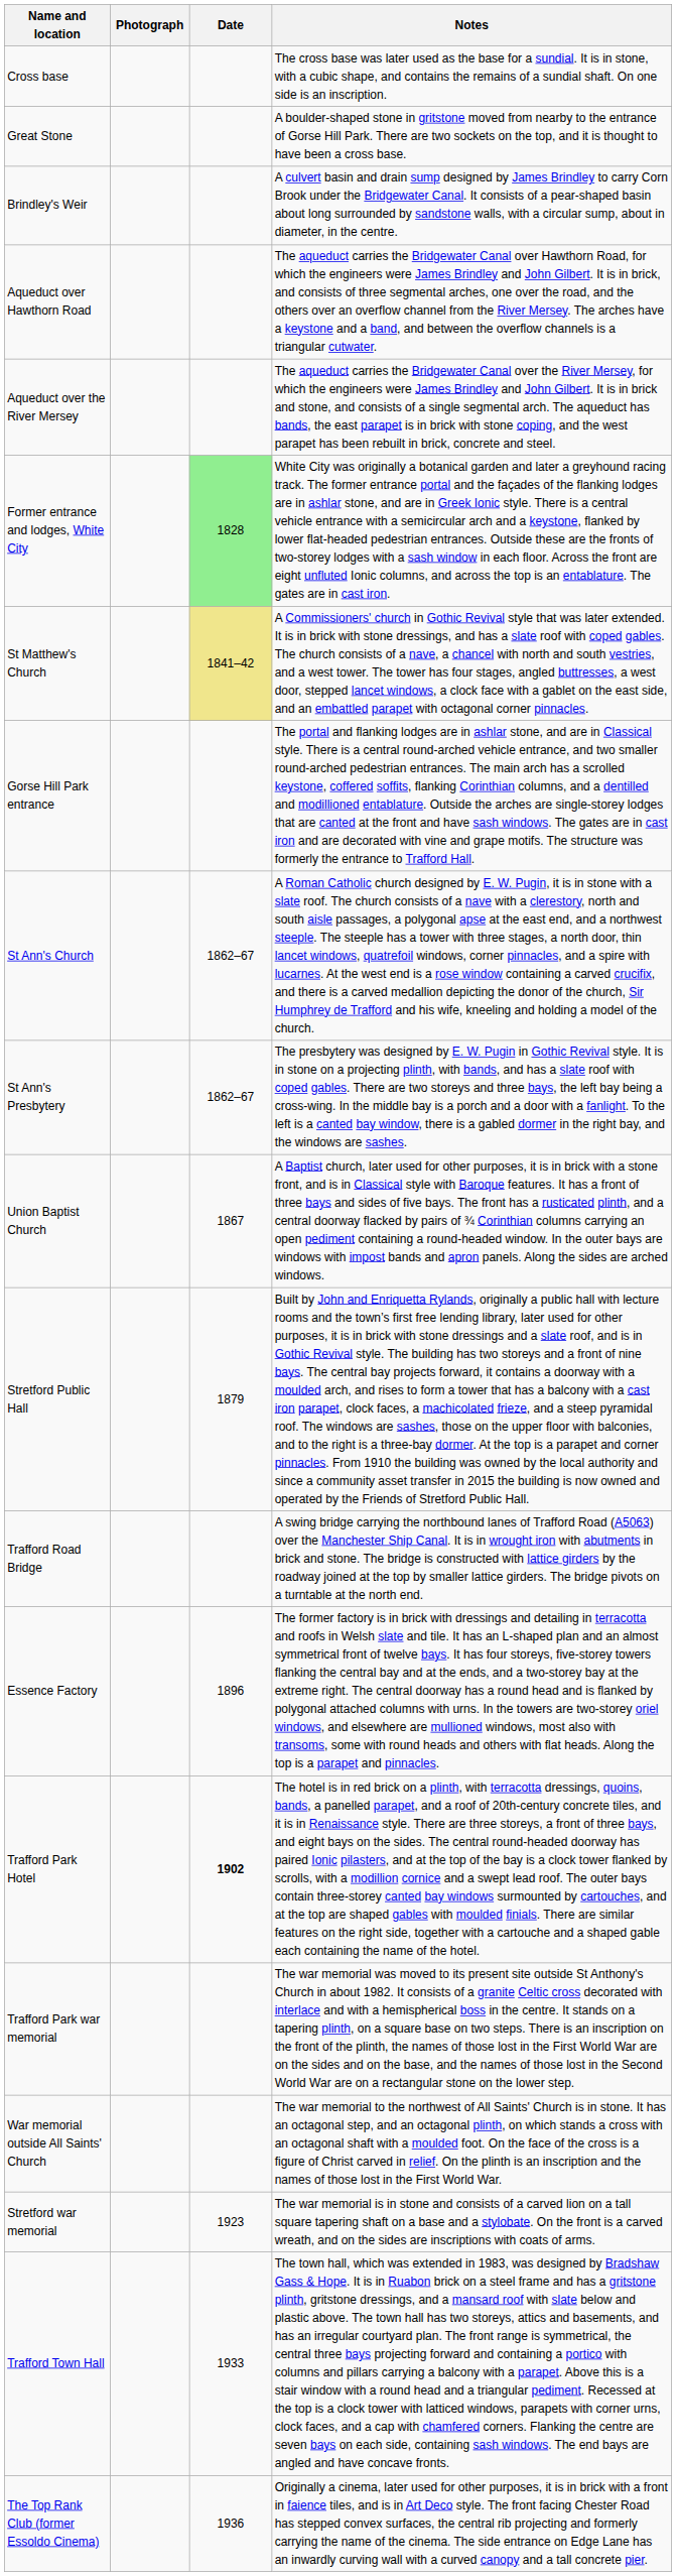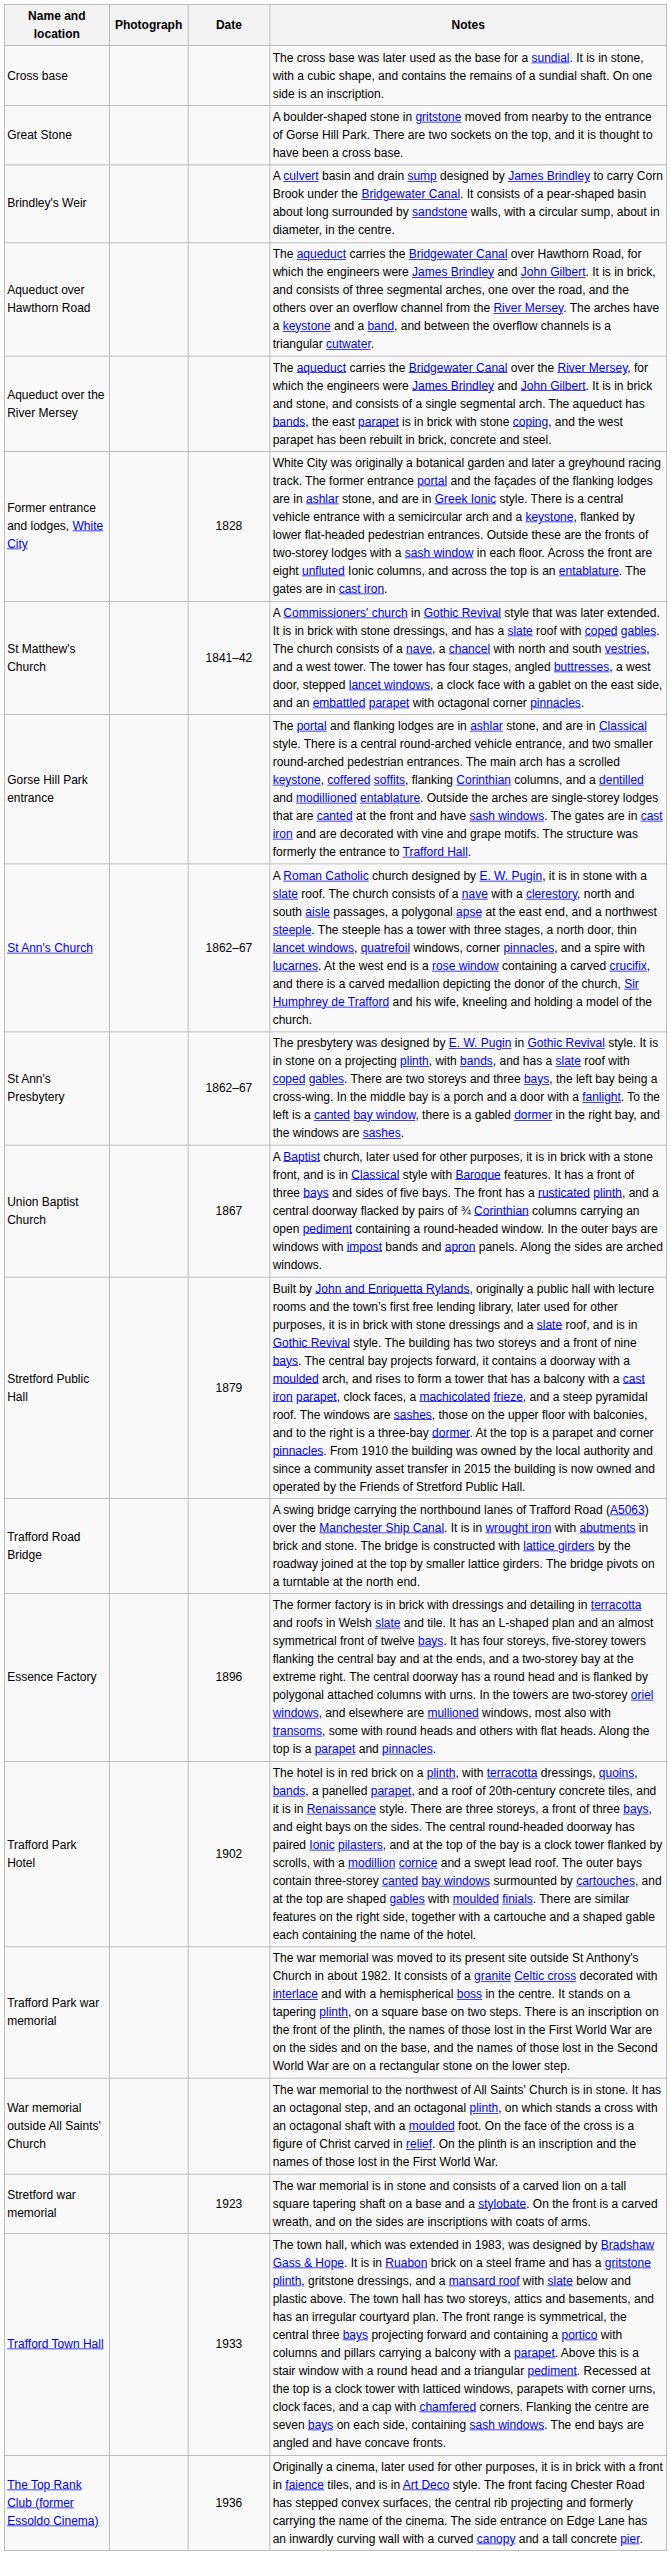 <table class="wikitable sortable plainrowheaders" style="width:100%;border:0px;text-align:left;line-height:150%;">
 <tr>
 <th scope="col"  style="width:150px">Name and location</th>
 <th scope="col"  style="width:100px" class="unsortable">Photograph</th>
 <th scope="col"  style="width:120px">Date</th>
 <th scope="col"  style="width:650px" class="unsortable">Notes</th>
 </tr>
 <tr>
 <td>Cross base<br><small></small></td>
 <td></td>
 <td align="center"></td>
 <td>The cross base was later used as the base for a <a href='#'>sundial</a>. It is in stone, with a cubic shape, and contains the remains of a sundial shaft. On one side is an inscription.</td>
 </tr>
 <tr>
 <td>Great Stone<br><small></small></td>
 <td></td>
 <td align="center"></td>
 <td>A boulder-shaped stone in <a href='#'>gritstone</a> moved from nearby to the entrance of Gorse Hill Park. There are two sockets on the top, and it is thought to have been a cross base.</td>
 </tr>
 <tr>
 <td>Brindley's Weir<br><small></small></td>
 <td></td>
 <td align="center"></td>
 <td>A <a href='#'>culvert</a> basin and drain <a href='#'>sump</a> designed by <a href='#'>James Brindley</a> to carry Corn Brook under the <a href='#'>Bridgewater Canal</a>. It consists of a pear-shaped basin about  long surrounded by <a href='#'>sandstone</a> walls, with a circular sump, about  in diameter, in the centre.</td>
 </tr>
 <tr>
 <td>Aqueduct over Hawthorn Road<br><small></small></td>
 <td></td>
 <td align="center"></td>
 <td>The <a href='#'>aqueduct</a> carries the <a href='#'>Bridgewater Canal</a> over Hawthorn Road, for which the engineers were <a href='#'>James Brindley</a> and <a href='#'>John Gilbert</a>. It is in brick, and consists of three segmental arches, one over the road, and the others over an overflow channel from the <a href='#'>River Mersey</a>. The arches have a <a href='#'>keystone</a> and a <a href='#'>band</a>, and between the overflow channels is a triangular <a href='#'>cutwater</a>.</td>
 </tr>
 <tr>
 <td>Aqueduct over the River Mersey<br><small></small></td>
 <td></td>
 <td align="center"></td>
 <td>The <a href='#'>aqueduct</a> carries the <a href='#'>Bridgewater Canal</a> over the <a href='#'>River Mersey</a>, for which the engineers were <a href='#'>James Brindley</a> and <a href='#'>John Gilbert</a>. It is in brick and stone, and consists of a single segmental arch. The aqueduct has <a href='#'>bands</a>, the east <a href='#'>parapet</a> is in brick with stone <a href='#'>coping</a>, and the west parapet has been rebuilt in brick, concrete and steel.</td>
 </tr>
 <tr>
 <td>Former entrance and lodges, <a href='#'>White City</a><br><small></small></td>
 <td></td>
-<td align="center" style="background: lightgreen;">1828</td>
+<td align="center">1828</td>
 <td>White City was originally a botanical garden and later a greyhound racing track. The former entrance <a href='#'>portal</a> and the façades of the flanking lodges are in <a href='#'>ashlar</a> stone, and are in <a href='#'>Greek Ionic</a> style. There is a central vehicle entrance with a semicircular arch and a <a href='#'>keystone</a>, flanked by lower flat-headed pedestrian entrances. Outside these are the fronts of two-storey lodges with a <a href='#'>sash window</a> in each floor. Across the front are eight <a href='#'>unfluted</a> Ionic columns, and across the top is an <a href='#'>entablature</a>. The gates are in <a href='#'>cast iron</a>.</td>
 </tr>
 <tr>
 <td>St Matthew's Church<br><small></small></td>
 <td></td>
-<td align="center" style="background: khaki;">1841–42</td>
+<td align="center">1841–42</td>
 <td>A <a href='#'>Commissioners' church</a> in <a href='#'>Gothic Revival</a> style that was later extended. It is in brick with stone dressings, and has a <a href='#'>slate</a> roof with <a href='#'>coped</a> <a href='#'>gables</a>. The church consists of a <a href='#'>nave</a>, a <a href='#'>chancel</a> with north and south <a href='#'>vestries</a>, and a west tower. The tower has four stages, angled <a href='#'>buttresses</a>, a west door, stepped <a href='#'>lancet windows</a>, a clock face with a gablet on the east side, and an <a href='#'>embattled</a> <a href='#'>parapet</a> with octagonal corner <a href='#'>pinnacles</a>.</td>
 </tr>
 <tr>
 <td>Gorse Hill Park entrance<br><small></small></td>
 <td></td>
 <td align="center"></td>
 <td>The <a href='#'>portal</a> and flanking lodges are in <a href='#'>ashlar</a> stone, and are in <a href='#'>Classical</a> style. There is a central round-arched vehicle entrance, and two smaller round-arched pedestrian entrances. The main arch has a scrolled <a href='#'>keystone</a>, <a href='#'>coffered</a> <a href='#'>soffits</a>, flanking <a href='#'>Corinthian</a> columns, and a <a href='#'>dentilled</a> and <a href='#'>modillioned</a> <a href='#'>entablature</a>. Outside the arches are single-storey lodges that are <a href='#'>canted</a> at the front and have <a href='#'>sash windows</a>. The gates are in <a href='#'>cast iron</a> and are decorated with vine and grape motifs. The structure was formerly the entrance to <a href='#'>Trafford Hall</a>.</td>
 </tr>
 <tr>
 <td><a href='#'>St Ann's Church</a><br><small></small></td>
 <td></td>
 <td align="center">1862–67</td>
 <td>A <a href='#'>Roman Catholic</a> church designed by <a href='#'>E. W. Pugin</a>, it is in stone with a <a href='#'>slate</a> roof. The church consists of a <a href='#'>nave</a> with a <a href='#'>clerestory</a>, north and south <a href='#'>aisle</a> passages, a polygonal <a href='#'>apse</a> at the east end, and a northwest <a href='#'>steeple</a>. The steeple has a tower with three stages, a north door, thin <a href='#'>lancet windows</a>, <a href='#'>quatrefoil</a> windows, corner <a href='#'>pinnacles</a>, and a spire with <a href='#'>lucarnes</a>. At the west end is a <a href='#'>rose window</a> containing a carved <a href='#'>crucifix</a>, and there is a carved medallion depicting the donor of the church, <a href='#'>Sir Humphrey de Trafford</a> and his wife, kneeling and holding a model of the church.</td>
 </tr>
 <tr>
 <td>St Ann's Presbytery<br><small></small></td>
 <td></td>
 <td align="center">1862–67</td>
 <td>The presbytery was designed by <a href='#'>E. W. Pugin</a> in <a href='#'>Gothic Revival</a> style. It is in stone on a projecting <a href='#'>plinth</a>, with <a href='#'>bands</a>, and has a <a href='#'>slate</a> roof with <a href='#'>coped</a> <a href='#'>gables</a>. There are two storeys and three <a href='#'>bays</a>, the left bay being a cross-wing. In the middle bay is a porch and a door with a <a href='#'>fanlight</a>. To the left is a <a href='#'>canted</a> <a href='#'>bay window</a>, there is a gabled <a href='#'>dormer</a> in the right bay, and the windows are <a href='#'>sashes</a>.</td>
 </tr>
 <tr>
 <td>Union Baptist Church<br><small></small></td>
 <td></td>
 <td align="center">1867</td>
 <td>A <a href='#'>Baptist</a> church, later used for other purposes, it is in brick with a stone front, and is in <a href='#'>Classical</a> style with <a href='#'>Baroque</a> features. It has a front of three <a href='#'>bays</a> and sides of five bays. The front has a <a href='#'>rusticated</a> <a href='#'>plinth</a>, and a central doorway flacked by pairs of ¾ <a href='#'>Corinthian</a> columns carrying an open <a href='#'>pediment</a> containing a round-headed window. In the outer bays are windows with <a href='#'>impost</a> bands and <a href='#'>apron</a> panels. Along the sides are arched windows.</td>
 </tr>
 <tr>
 <td>Stretford Public Hall<br><small></small></td>
 <td></td>
 <td align="center">1879</td>
 <td>Built by <a href='#'>John and Enriquetta Rylands</a>, originally a public hall with lecture rooms and the town’s first free lending library, later used for other purposes, it is in brick with stone dressings and a <a href='#'>slate</a> roof, and is in <a href='#'>Gothic Revival</a> style. The building has two storeys and a front of nine <a href='#'>bays</a>. The central bay projects forward, it contains a doorway with a <a href='#'>moulded</a> arch, and rises to form a tower that has a balcony with a <a href='#'>cast iron</a> <a href='#'>parapet</a>, clock faces, a <a href='#'>machicolated</a> <a href='#'>frieze</a>, and a steep pyramidal roof. The windows are <a href='#'>sashes</a>, those on the upper floor with balconies, and to the right is a three-bay <a href='#'>dormer</a>. At the top is a parapet and corner <a href='#'>pinnacles</a>. From 1910 the building was owned by the local authority and since a community asset transfer in 2015 the building is now owned and operated by the Friends of Stretford Public Hall.</td>
 </tr>
 <tr>
 <td>Trafford Road Bridge<br><small></small></td>
 <td></td>
 <td align="center"></td>
 <td>A swing bridge carrying the northbound lanes of Trafford Road (<a href='#'>A5063</a>) over the <a href='#'>Manchester Ship Canal</a>. It is in <a href='#'>wrought iron</a> with <a href='#'>abutments</a> in brick and stone. The bridge is constructed with <a href='#'>lattice girders</a> by the roadway joined at the top by smaller lattice girders. The bridge pivots on a turntable at the north end.</td>
 </tr>
 <tr>
 <td>Essence Factory<br><small></small></td>
 <td></td>
 <td align="center">1896</td>
 <td>The former factory is in brick with dressings and detailing in <a href='#'>terracotta</a> and roofs in Welsh <a href='#'>slate</a> and tile. It has an L-shaped plan and an almost symmetrical front of twelve <a href='#'>bays</a>. It has four storeys, five-storey towers flanking the central bay and at the ends, and a two-storey bay at the extreme right. The central doorway has a round head and is flanked by polygonal attached columns with urns. In the towers are two-storey <a href='#'>oriel windows</a>, and elsewhere are <a href='#'>mullioned</a> windows, most also with <a href='#'>transoms</a>, some with round heads and others with flat heads. Along the top is a <a href='#'>parapet</a> and <a href='#'>pinnacles</a>.</td>
 </tr>
 <tr>
 <td>Trafford Park Hotel<br><small></small></td>
 <td></td>
-<td align="center"><strong>1902</strong></td>
+<td align="center">1902</td>
 <td>The hotel is in red brick on a <a href='#'>plinth</a>, with <a href='#'>terracotta</a> dressings, <a href='#'>quoins</a>, <a href='#'>bands</a>, a panelled <a href='#'>parapet</a>, and a roof of 20th-century concrete tiles, and it is in <a href='#'>Renaissance</a> style. There are three storeys, a front of three <a href='#'>bays</a>, and eight bays on the sides. The central round-headed doorway has paired <a href='#'>Ionic</a> <a href='#'>pilasters</a>, and at the top of the bay is a clock tower flanked by scrolls, with a <a href='#'>modillion</a> <a href='#'>cornice</a> and a swept lead roof. The outer bays contain three-storey <a href='#'>canted</a> <a href='#'>bay windows</a> surmounted by <a href='#'>cartouches</a>, and at the top are shaped <a href='#'>gables</a> with <a href='#'>moulded</a> <a href='#'>finials</a>. There are similar features on the right side, together with a cartouche and a shaped gable each containing the name of the hotel.</td>
 </tr>
 <tr>
 <td>Trafford Park war memorial<br><small></small></td>
 <td></td>
 <td align="center"></td>
 <td>The war memorial was moved to its present site outside St Anthony's Church in about 1982. It consists of a <a href='#'>granite</a> <a href='#'>Celtic cross</a> decorated with <a href='#'>interlace</a> and with a hemispherical <a href='#'>boss</a> in the centre. It stands on a tapering <a href='#'>plinth</a>, on a square base on two steps. There is an inscription on the front of the plinth, the names of those lost in the First World War are on the sides and on the base, and the names of those lost in the Second World War are on a rectangular stone on the lower step.</td>
 </tr>
 <tr>
 <td>War memorial outside All Saints' Church<br><small></small></td>
 <td></td>
 <td align="center"></td>
 <td>The war memorial to the northwest of All Saints' Church is in stone. It has an octagonal step, and an octagonal <a href='#'>plinth</a>, on which stands a cross with an octagonal shaft with a <a href='#'>moulded</a> foot. On the face of the cross is a figure of Christ carved in <a href='#'>relief</a>. On the plinth is an inscription and the names of those lost in the First World War.</td>
 </tr>
 <tr>
 <td>Stretford war memorial<br><small></small></td>
 <td></td>
 <td align="center">1923</td>
 <td>The war memorial is in stone and consists of a carved lion on a tall square tapering shaft on a base and a <a href='#'>stylobate</a>. On the front is a carved wreath, and on the sides are inscriptions with coats of arms.</td>
 </tr>
 <tr>
 <td><a href='#'>Trafford Town Hall</a><br><small></small></td>
 <td></td>
 <td align="center">1933</td>
 <td>The town hall, which was extended in 1983, was designed by <a href='#'>Bradshaw Gass & Hope</a>. It is in <a href='#'>Ruabon</a> brick on a steel frame and has a <a href='#'>gritstone</a> <a href='#'>plinth</a>, gritstone dressings, and a <a href='#'>mansard roof</a> with <a href='#'>slate</a> below and plastic above. The town hall has two storeys, attics and basements, and has an irregular courtyard plan. The front range is symmetrical, the central three <a href='#'>bays</a> projecting forward and containing a <a href='#'>portico</a> with columns and pillars carrying a balcony with a <a href='#'>parapet</a>. Above this is a stair window with a round head and a triangular <a href='#'>pediment</a>. Recessed at the top is a clock tower with latticed windows, parapets with corner urns, clock faces, and a cap with <a href='#'>chamfered</a> corners. Flanking the centre are seven <a href='#'>bays</a> on each side, containing <a href='#'>sash windows</a>. The end bays are angled and have concave fronts.</td>
 </tr>
 <tr>
 <td><a href='#'>The Top Rank Club (former Essoldo Cinema)</a><br><small></small></td>
 <td></td>
 <td align="center">1936</td>
 <td>Originally a cinema, later used for other purposes, it is in brick with a front in <a href='#'>faience</a> tiles, and is in <a href='#'>Art Deco</a> style. The front facing Chester Road has stepped convex surfaces, the central rib projecting and formerly carrying the name of the cinema. The side entrance on Edge Lane has an inwardly curving wall with a curved <a href='#'>canopy</a> and a tall concrete <a href='#'>pier</a>.</td>
 </tr>
 <tr>
 </tr>
 </table>
